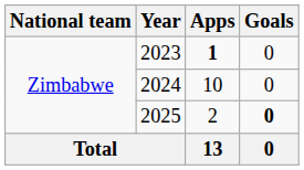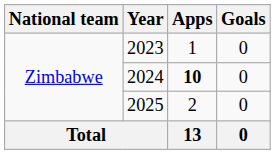 <table class=wikitable style=text-align:center>
 <tr>
 <th>National team</th>
 <th>Year</th>
 <th>Apps</th>
 <th>Goals</th>
 </tr>
 <tr>
 <td rowspan="3"><a href='#'>Zimbabwe</a></td>
 <td>2023</td>
-<td><strong>1</strong></td>
+<td>1</td>
 <td>0</td>
 </tr>
 <tr>
 <td>2024</td>
-<td>10</td>
+<td><strong>10</strong></td>
 <td>0</td>
 </tr>
 <tr>
 <td>2025</td>
 <td>2</td>
-<td><strong>0</strong></td>
+<td>0</td>
 </tr>
 <tr>
 <th colspan="2">Total</th>
 <th>13</th>
 <th>0</th>
 </tr>
 </table>
